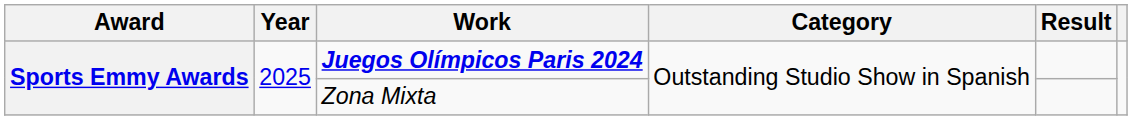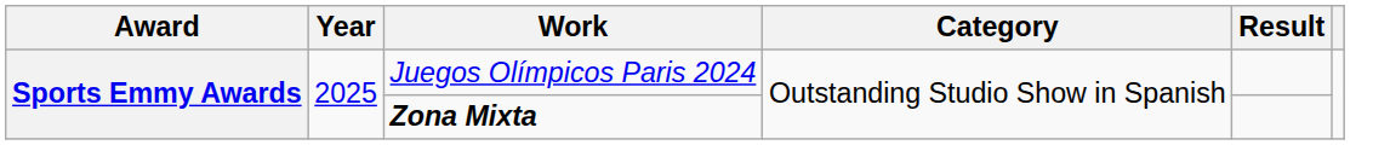 <table class="wikitable plainrowheaders sortable" style="margin-right: 0;">
 <tr>
 <th scope="col">Award</th>
 <th scope="col">Year</th>
 <th scope="col">Work</th>
 <th scope="col">Category</th>
 <th scope="col">Result</th>
 <th scope="col" class="unsortable"></th>
 </tr>
 <tr>
 <th scope="row" rowspan="2"><a href='#'>Sports Emmy Awards</a></th>
 <td rowspan="2"><a href='#'>2025</a></td>
-<td><strong><em><a href='#'>Juegos Olímpicos Paris 2024</a></em> </strong></td>
+<td><em><a href='#'>Juegos Olímpicos Paris 2024</a></em> </td>
 <td rowspan="2">Outstanding Studio Show in Spanish</td>
 <td></td>
 <td rowspan="2" align="center"><br></td>
 </tr>
 <tr>
-<td><em>Zona Mixta</em> </td>
+<td><strong><em>Zona Mixta</em> </strong></td>
 <td></td>
 </tr>
 </table>
